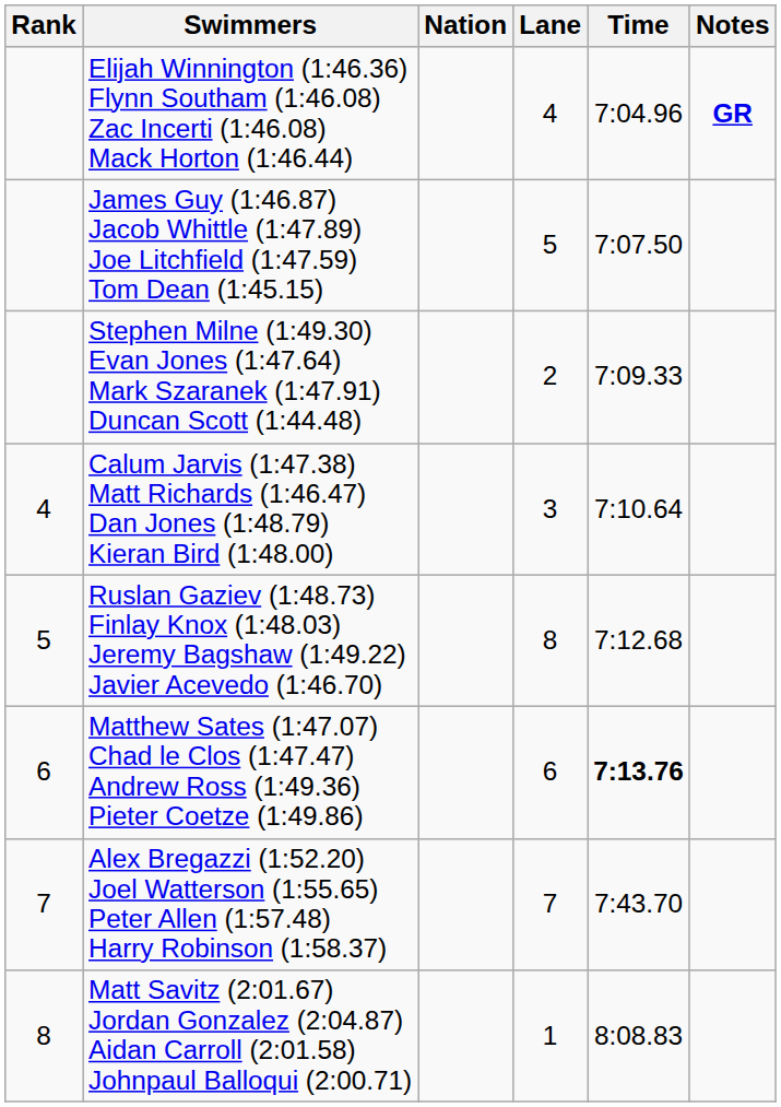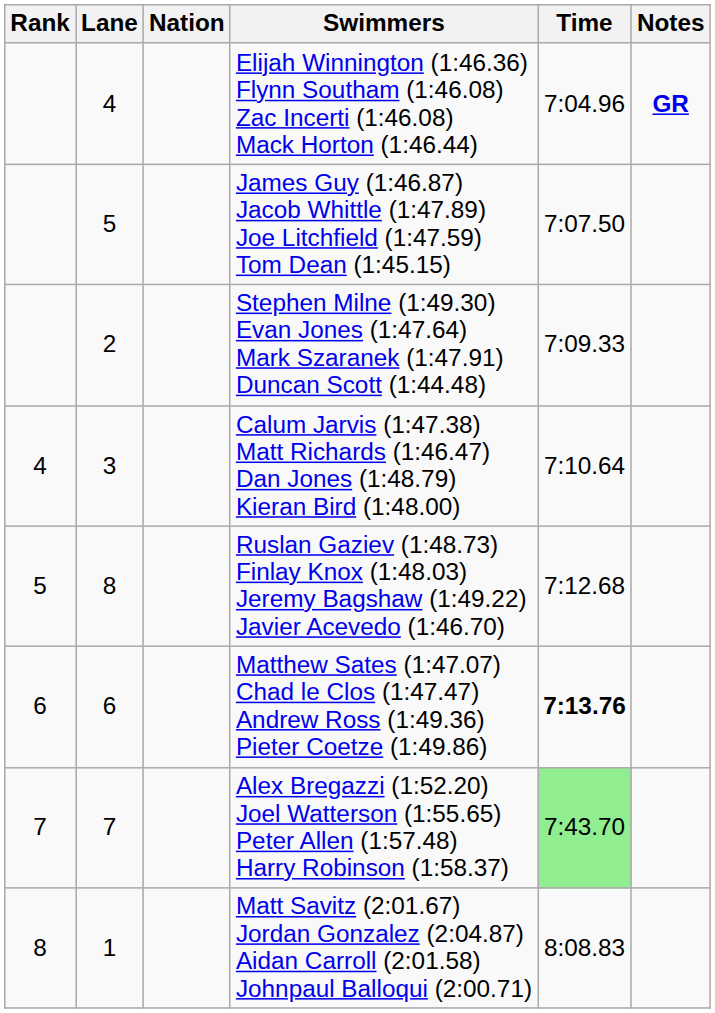 <table class="wikitable sortable" style="text-align:center">
 <tr>
 <th>Rank</th>
+<th>Lane</th>
+<th>Nation</th>
 <th>Swimmers</th>
-<th>Nation</th>
-<th>Lane</th>
 <th>Time</th>
 <th>Notes</th>
 </tr>
 <tr>
 <td></td>
+<td>4</td>
+<td align=left></td>
 <td align="left"><a href='#'>Elijah Winnington</a> (1:46.36)<br><a href='#'>Flynn Southam</a> (1:46.08)<br><a href='#'>Zac Incerti</a> (1:46.08)<br><a href='#'>Mack Horton</a> (1:46.44)</td>
-<td align=left></td>
-<td>4</td>
 <td>7:04.96</td>
 <td><strong><a href='#'>GR</a></strong></td>
 </tr>
 <tr>
 <td></td>
+<td>5</td>
+<td align=left></td>
 <td align="left"><a href='#'>James Guy</a> (1:46.87)<br><a href='#'>Jacob Whittle</a> (1:47.89)<br><a href='#'>Joe Litchfield</a> (1:47.59)<br><a href='#'>Tom Dean</a> (1:45.15)</td>
-<td align=left></td>
-<td>5</td>
 <td>7:07.50</td>
 <td></td>
 </tr>
 <tr>
 <td></td>
+<td>2</td>
+<td align=left></td>
 <td align="left"><a href='#'>Stephen Milne</a> (1:49.30)<br><a href='#'>Evan Jones</a> (1:47.64)<br><a href='#'>Mark Szaranek</a> (1:47.91)<br><a href='#'>Duncan Scott</a> (1:44.48)</td>
-<td align=left></td>
-<td>2</td>
 <td>7:09.33</td>
 <td></td>
 </tr>
 <tr>
 <td>4</td>
+<td>3</td>
+<td align=left></td>
 <td align="left"><a href='#'>Calum Jarvis</a> (1:47.38)<br><a href='#'>Matt Richards</a> (1:46.47)<br><a href='#'>Dan Jones</a> (1:48.79)<br><a href='#'>Kieran Bird</a> (1:48.00)</td>
-<td align=left></td>
-<td>3</td>
 <td>7:10.64</td>
 <td></td>
 </tr>
 <tr>
 <td>5</td>
+<td>8</td>
+<td align=left></td>
 <td align="left"><a href='#'>Ruslan Gaziev</a> (1:48.73)<br><a href='#'>Finlay Knox</a> (1:48.03)<br><a href='#'>Jeremy Bagshaw</a> (1:49.22)<br><a href='#'>Javier Acevedo</a> (1:46.70)</td>
-<td align=left></td>
-<td>8</td>
 <td>7:12.68</td>
 <td></td>
 </tr>
 <tr>
 <td>6</td>
+<td>6</td>
+<td align=left></td>
 <td align="left"><a href='#'>Matthew Sates</a> (1:47.07)<br><a href='#'>Chad le Clos</a> (1:47.47)<br><a href='#'>Andrew Ross</a> (1:49.36)<br><a href='#'>Pieter Coetze</a> (1:49.86)</td>
-<td align=left></td>
-<td>6</td>
 <td><strong>7:13.76</strong></td>
 <td></td>
 </tr>
 <tr>
 <td>7</td>
+<td>7</td>
+<td align=left></td>
 <td align="left"><a href='#'>Alex Bregazzi</a> (1:52.20)<br><a href='#'>Joel Watterson</a> (1:55.65)<br><a href='#'>Peter Allen</a> (1:57.48)<br><a href='#'>Harry Robinson</a> (1:58.37)</td>
-<td align=left></td>
-<td>7</td>
-<td>7:43.70</td>
+<td style="background: lightgreen;">7:43.70</td>
 <td></td>
 </tr>
 <tr>
 <td>8</td>
+<td>1</td>
+<td align=left></td>
 <td align="left"><a href='#'>Matt Savitz</a> (2:01.67)<br><a href='#'>Jordan Gonzalez</a> (2:04.87)<br><a href='#'>Aidan Carroll</a> (2:01.58)<br><a href='#'>Johnpaul Balloqui</a> (2:00.71)</td>
-<td align=left></td>
-<td>1</td>
 <td>8:08.83</td>
 <td></td>
 </tr>
 </table>
